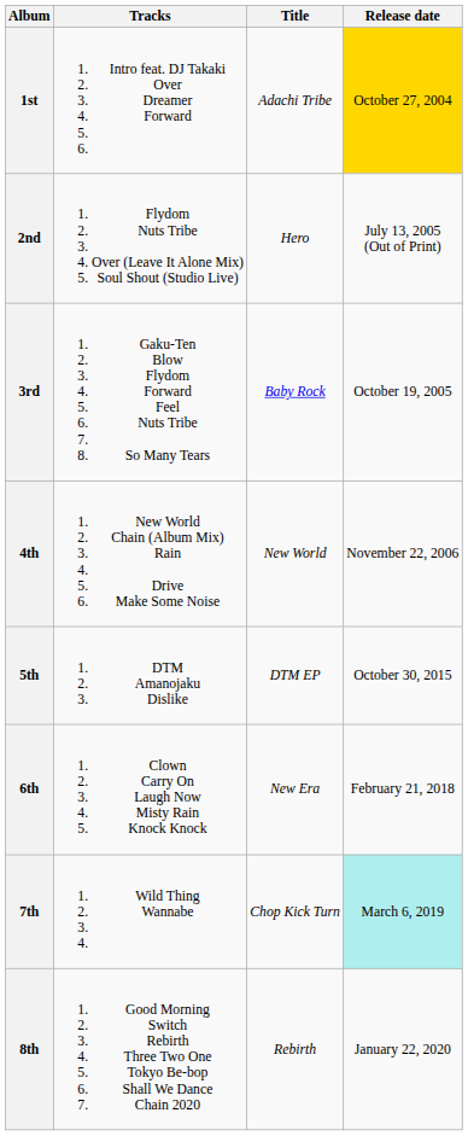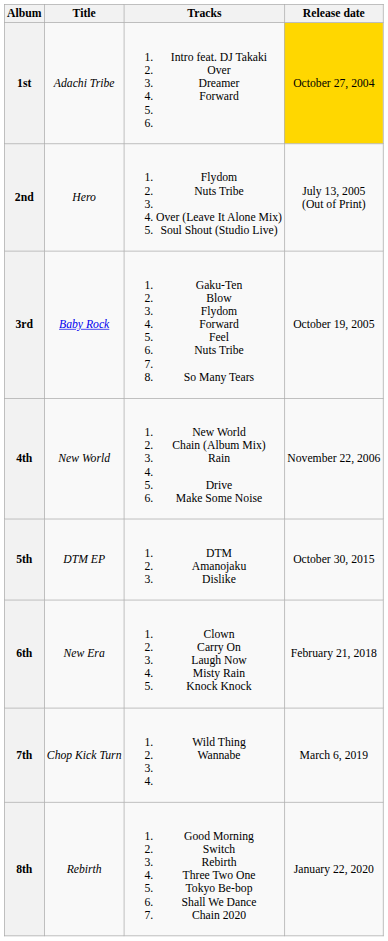 <table class="wikitable" style="text-align: center">
 <tr>
 <th>Album</th>
+<th>Title</th>
 <th>Tracks</th>
-<th>Title</th>
 <th>Release date</th>
 </tr>
 <tr>
 <th>1st</th>
+<td><em>Adachi Tribe</em></td>
 <td><br><ol><li>Intro feat. DJ Takaki</li><li>Over</li><li>Dreamer</li><li>Forward</li><li></li><li></li></ol></td>
-<td><em>Adachi Tribe</em></td>
 <td style="background: gold;">October 27, 2004</td>
 </tr>
 <tr>
 <th>2nd</th>
+<td><em>Hero</em></td>
 <td><br><ol><li>Flydom</li><li>Nuts Tribe</li><li></li><li>Over (Leave It Alone Mix)</li><li>Soul Shout (Studio Live)</li></ol></td>
-<td><em>Hero</em></td>
 <td>July 13, 2005<br>(Out of Print)</td>
 </tr>
 <tr>
 <th>3rd</th>
+<td><em><a href='#'>Baby Rock</a></em></td>
 <td><br><ol><li>Gaku-Ten</li><li>Blow</li><li>Flydom</li><li>Forward</li><li>Feel</li><li>Nuts Tribe</li><li></li><li>So Many Tears</li></ol></td>
-<td><em><a href='#'>Baby Rock</a></em></td>
 <td>October 19, 2005</td>
 </tr>
 <tr>
 <th>4th</th>
+<td><em>New World</em></td>
 <td><br><ol><li>New World</li><li>Chain (Album Mix)</li><li>Rain</li><li></li><li>Drive</li><li>Make Some Noise</li></ol></td>
-<td><em>New World</em></td>
 <td>November 22, 2006</td>
 </tr>
 <tr>
 <th>5th</th>
+<td><em>DTM EP</em></td>
 <td><br><ol><li>DTM</li><li>Amanojaku</li><li>Dislike</li></ol></td>
-<td><em>DTM EP</em></td>
 <td>October 30, 2015</td>
 </tr>
 <tr>
 <th>6th</th>
+<td><em>New Era</em></td>
 <td><br><ol><li>Clown</li><li>Carry On</li><li>Laugh Now</li><li>Misty Rain</li><li>Knock Knock</li></ol></td>
-<td><em>New Era</em></td>
 <td>February 21, 2018</td>
 </tr>
 <tr>
 <th>7th</th>
+<td><em>Chop Kick Turn</em></td>
 <td><br><ol><li>Wild Thing</li><li>Wannabe</li><li></li><li></li></ol></td>
-<td><em>Chop Kick Turn</em></td>
-<td style="background: paleturquoise;">March 6, 2019</td>
+<td>March 6, 2019</td>
 </tr>
 <tr>
 <th>8th</th>
+<td><em>Rebirth</em></td>
 <td><br><ol><li>Good Morning</li><li>Switch</li><li>Rebirth</li><li>Three Two One</li><li>Tokyo Be-bop</li><li>Shall We Dance</li><li>Chain 2020</li></ol></td>
-<td><em>Rebirth</em></td>
 <td>January 22, 2020</td>
 </tr>
 </table>
